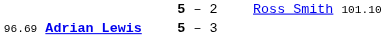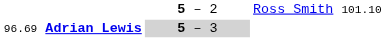 <table style="text-align:center">
 <tr>
 <th width=223></th>
 <th width=100></th>
 <th width=223></th>
 </tr>
 <tr>
 <td align=right></td>
 <td><strong>5</strong> – 2</td>
 <td align=left> <a href='#'>Ross Smith</a> <small>101.10</small></td>
 </tr>
 <tr>
 <td align=right><small>96.69</small>  <strong><a href='#'>Adrian Lewis</a></strong> </td>
-<td><strong>5</strong> – 3</td>
+<td style="background: lightgrey;"><strong>5</strong> – 3</td>
 <td align=left></td>
 </tr>
 </table>
